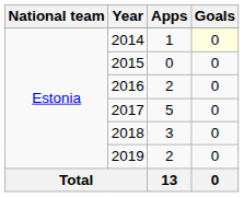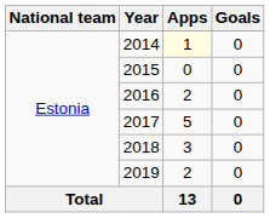 <table class=wikitable style="text-align: center;">
 <tr>
 <th>National team</th>
 <th>Year</th>
 <th>Apps</th>
 <th>Goals</th>
 </tr>
 <tr>
 <td rowspan=7><a href='#'>Estonia</a></td>
 </tr>
 <tr>
 <td>2014</td>
-<td>1</td>
-<td style="background: lightyellow;">0</td>
+<td style="background: lightyellow;">1</td>
+<td>0</td>
 </tr>
 <tr>
 <td>2015</td>
 <td>0</td>
 <td>0</td>
 </tr>
 <tr>
 <td>2016</td>
 <td>2</td>
 <td>0</td>
 </tr>
 <tr>
 <td>2017</td>
 <td>5</td>
 <td>0</td>
 </tr>
 <tr>
 <td>2018</td>
 <td>3</td>
 <td>0</td>
 </tr>
 <tr>
 <td>2019</td>
 <td>2</td>
 <td>0</td>
 </tr>
 <tr>
 <th colspan=2>Total</th>
 <th>13</th>
 <th>0</th>
 </tr>
 </table>
